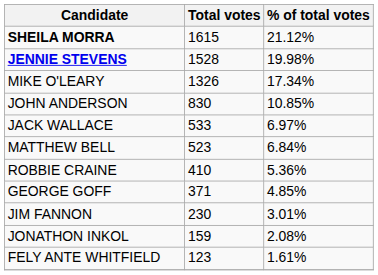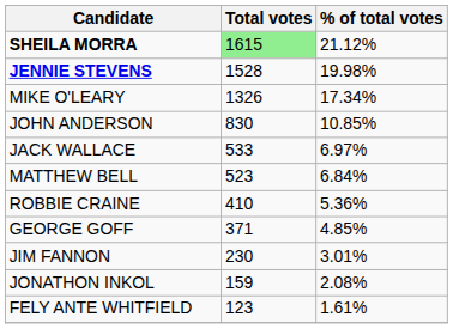 <table class="wikitable">
 <tr>
 <th bgcolor="#DDDDFF" width="200px">Candidate</th>
 <th bgcolor="#DDDDFF">Total votes</th>
 <th bgcolor="#DDDDFF">% of total votes</th>
 </tr>
 <tr>
 <td><strong>SHEILA MORRA</strong></td>
-<td>1615</td>
+<td style="background: lightgreen;">1615</td>
 <td>21.12%</td>
 </tr>
 <tr>
 <td><strong><a href='#'>JENNIE STEVENS</a></strong></td>
 <td>1528</td>
 <td>19.98%</td>
 </tr>
 <tr>
 <td>MIKE O'LEARY</td>
 <td>1326</td>
 <td>17.34%</td>
 </tr>
 <tr>
 <td>JOHN ANDERSON</td>
 <td>830</td>
 <td>10.85%</td>
 </tr>
 <tr>
 <td>JACK WALLACE</td>
 <td>533</td>
 <td>6.97%</td>
 </tr>
 <tr>
 <td>MATTHEW BELL</td>
 <td>523</td>
 <td>6.84%</td>
 </tr>
 <tr>
 <td>ROBBIE CRAINE</td>
 <td>410</td>
 <td>5.36%</td>
 </tr>
 <tr>
 <td>GEORGE GOFF</td>
 <td>371</td>
 <td>4.85%</td>
 </tr>
 <tr>
 <td>JIM FANNON</td>
 <td>230</td>
 <td>3.01%</td>
 </tr>
 <tr>
 <td>JONATHON INKOL</td>
 <td>159</td>
 <td>2.08%</td>
 </tr>
 <tr>
 <td>FELY ANTE WHITFIELD</td>
 <td>123</td>
 <td>1.61%</td>
 </tr>
 <tr>
 </tr>
 </table>
